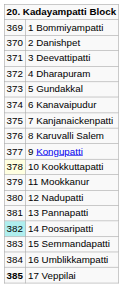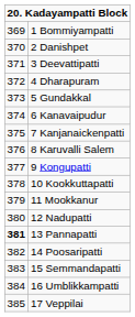 <table class="wikitable">
 <tr>
 <td colspan="2"><strong>20. Kadayampatti Block</strong></td>
 </tr>
 <tr>
 <td>369</td>
 <td>1 Bommiyampatti</td>
 </tr>
 <tr>
 <td>370</td>
 <td>2 Danishpet</td>
 </tr>
 <tr>
 <td>371</td>
 <td>3 Deevattipatti</td>
 </tr>
 <tr>
 <td>372</td>
 <td>4 Dharapuram</td>
 </tr>
 <tr>
 <td>373</td>
 <td>5 Gundakkal</td>
 </tr>
 <tr>
 <td>374</td>
 <td>6 Kanavaipudur</td>
 </tr>
 <tr>
 <td>375</td>
 <td>7 Kanjanaickenpatti</td>
 </tr>
 <tr>
 <td>376</td>
 <td>8 Karuvalli Salem</td>
 </tr>
 <tr>
 <td>377</td>
 <td>9 <a href='#'>Kongupatti</a></td>
 </tr>
 <tr>
-<td style="background: lightyellow;">378</td>
+<td>378</td>
 <td>10 Kookkuttapatti</td>
 </tr>
 <tr>
 <td>379</td>
 <td>11 Mookkanur</td>
 </tr>
 <tr>
 <td>380</td>
 <td>12 Nadupatti</td>
 </tr>
 <tr>
-<td>381</td>
+<td><strong>381</strong></td>
 <td>13 Pannapatti</td>
 </tr>
 <tr>
-<td style="background: paleturquoise;">382</td>
+<td>382</td>
 <td>14 Poosaripatti</td>
 </tr>
 <tr>
 <td>383</td>
 <td>15 Semmandapatti</td>
 </tr>
 <tr>
 <td>384</td>
 <td>16 Umblikkampatti</td>
 </tr>
 <tr>
-<td><strong>385</strong></td>
+<td>385</td>
 <td>17 Veppilai</td>
 </tr>
 </table>
